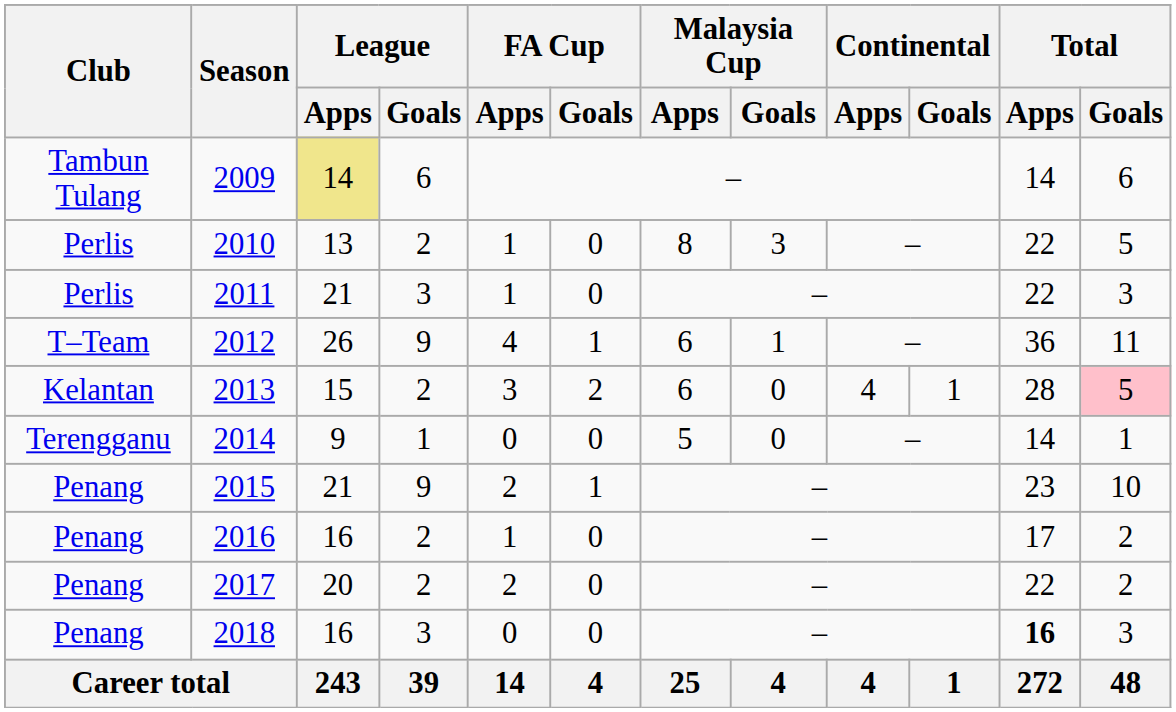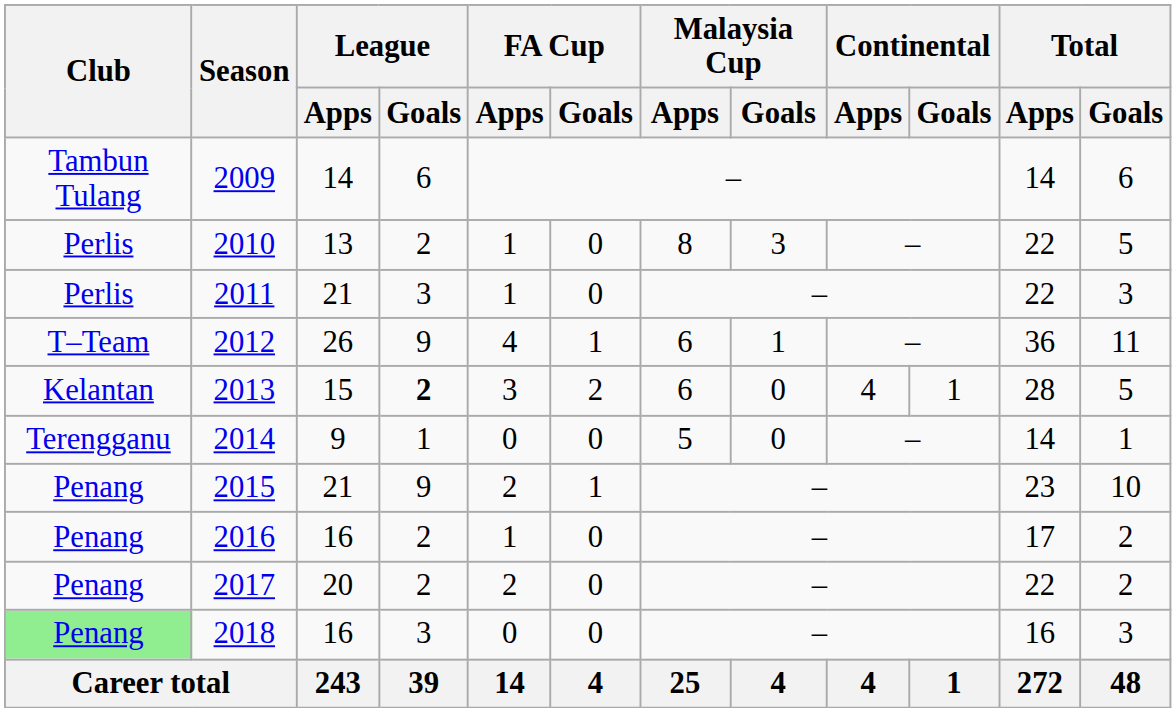 <table class="wikitable" style="text-align: center;">
 <tr>
 <th rowspan="2">Club</th>
 <th rowspan="2">Season</th>
 <th colspan="2">League</th>
 <th colspan="2">FA Cup</th>
 <th colspan="2">Malaysia Cup</th>
 <th colspan="2">Continental</th>
 <th colspan="2">Total</th>
 </tr>
 <tr>
 <th>Apps</th>
 <th>Goals</th>
 <th>Apps</th>
 <th>Goals</th>
 <th>Apps</th>
 <th>Goals</th>
 <th>Apps</th>
 <th>Goals</th>
 <th>Apps</th>
 <th>Goals</th>
 </tr>
 <tr>
 <td rowspan="1"><a href='#'>Tambun Tulang</a></td>
 <td><a href='#'>2009</a></td>
-<td style="background: khaki;">14</td>
+<td>14</td>
 <td>6</td>
 <td colspan=6>–</td>
 <td>14</td>
 <td>6</td>
 </tr>
 <tr>
 <td><a href='#'>Perlis</a></td>
 <td><a href='#'>2010</a></td>
 <td>13</td>
 <td>2</td>
 <td>1</td>
 <td>0</td>
 <td>8</td>
 <td>3</td>
 <td colspan=2>–</td>
 <td>22</td>
 <td>5</td>
 </tr>
 <tr>
 <td><a href='#'>Perlis</a></td>
 <td><a href='#'>2011</a></td>
 <td>21</td>
 <td>3</td>
 <td>1</td>
 <td>0</td>
 <td colspan=4>–</td>
 <td>22</td>
 <td>3</td>
 </tr>
 <tr>
 <td><a href='#'>T–Team</a></td>
 <td><a href='#'>2012</a></td>
 <td>26</td>
 <td>9</td>
 <td>4</td>
 <td>1</td>
 <td>6</td>
 <td>1</td>
 <td colspan=2>–</td>
 <td>36</td>
 <td>11</td>
 </tr>
 <tr>
 <td><a href='#'>Kelantan</a></td>
 <td><a href='#'>2013</a></td>
 <td>15</td>
-<td>2</td>
+<td><strong>2</strong></td>
 <td>3</td>
 <td>2</td>
 <td>6</td>
 <td>0</td>
 <td>4</td>
 <td>1</td>
 <td>28</td>
-<td style="background: pink;">5</td>
+<td>5</td>
 </tr>
 <tr>
 <td><a href='#'>Terengganu</a></td>
 <td><a href='#'>2014</a></td>
 <td>9</td>
 <td>1</td>
 <td>0</td>
 <td>0</td>
 <td>5</td>
 <td>0</td>
 <td colspan=2>–</td>
 <td>14</td>
 <td>1</td>
 </tr>
 <tr>
 <td><a href='#'>Penang</a></td>
 <td><a href='#'>2015</a></td>
 <td>21</td>
 <td>9</td>
 <td>2</td>
 <td>1</td>
 <td colspan=4>–</td>
 <td>23</td>
 <td>10</td>
 </tr>
 <tr>
 <td><a href='#'>Penang</a></td>
 <td><a href='#'>2016</a></td>
 <td>16</td>
 <td>2</td>
 <td>1</td>
 <td>0</td>
 <td colspan=4>–</td>
 <td>17</td>
 <td>2</td>
 </tr>
 <tr>
 <td><a href='#'>Penang</a></td>
 <td><a href='#'>2017</a></td>
 <td>20</td>
 <td>2</td>
 <td>2</td>
 <td>0</td>
 <td colspan=4>–</td>
 <td>22</td>
 <td>2</td>
 </tr>
 <tr>
-<td><a href='#'>Penang</a></td>
+<td style="background: lightgreen;"><a href='#'>Penang</a></td>
 <td><a href='#'>2018</a></td>
 <td>16</td>
 <td>3</td>
 <td>0</td>
 <td>0</td>
 <td colspan=4>–</td>
-<td><strong>16</strong></td>
+<td>16</td>
 <td>3</td>
 </tr>
 <tr>
 <th colspan="2">Career total</th>
 <th>243</th>
 <th>39</th>
 <th>14</th>
 <th>4</th>
 <th>25</th>
 <th>4</th>
 <th>4</th>
 <th>1</th>
 <th>272</th>
 <th>48</th>
 </tr>
 </table>
